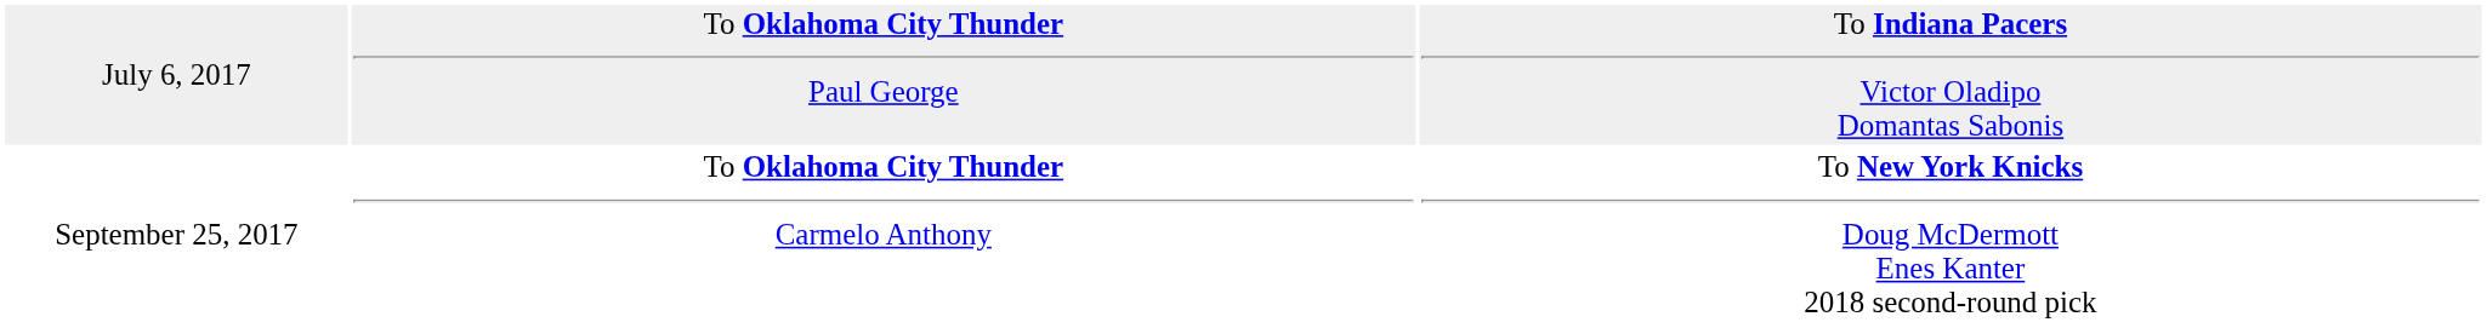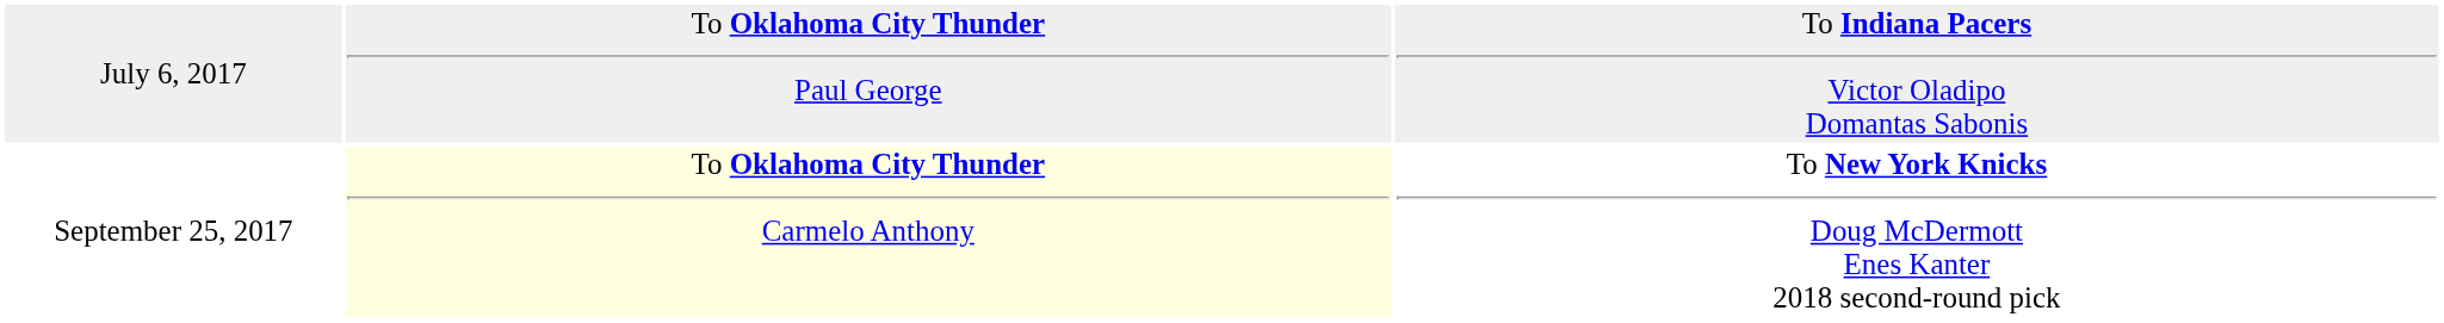 <table style="text-align: center">
 <tr style="background:#eeee">
 <td style="width:10%">July 6, 2017</td>
 <td style="width:31%; vertical-align:top;">To <strong><a href='#'>Oklahoma City Thunder</a></strong><hr><a href='#'>Paul George</a></td>
 <td style="width:31%; vertical-align:top;">To <strong><a href='#'>Indiana Pacers</a></strong><hr><a href='#'>Victor Oladipo</a><br><a href='#'>Domantas Sabonis</a></td>
 </tr>
 <tr>
 <td style="width:10%">September 25, 2017</td>
-<td style="width:31%; vertical-align:top;">To <strong><a href='#'>Oklahoma City Thunder</a></strong><hr><a href='#'>Carmelo Anthony</a></td>
+<td style="background: lightyellow; width:31%; vertical-align:top;">To <strong><a href='#'>Oklahoma City Thunder</a></strong><hr><a href='#'>Carmelo Anthony</a></td>
 <td style="width:31%; vertical-align:top;">To <strong><a href='#'>New York Knicks</a></strong><hr><a href='#'>Doug McDermott</a><br><a href='#'>Enes Kanter</a><br>2018 second-round pick</td>
 </tr>
 </table>
